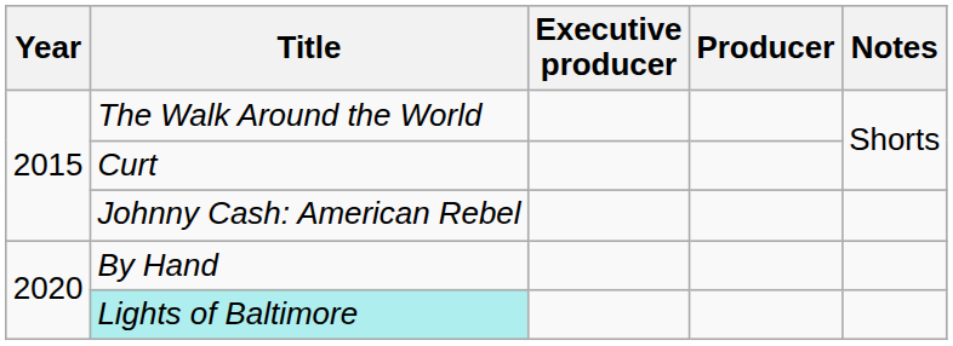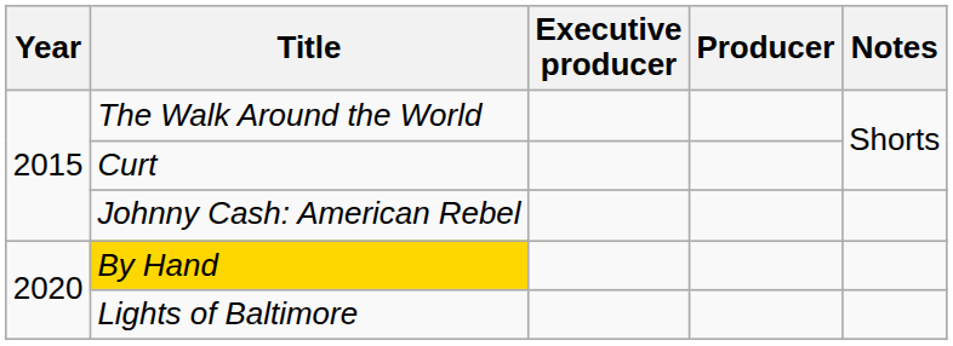 <table class="wikitable sortable">
 <tr>
 <th>Year</th>
 <th>Title</th>
 <th>Executive<br>producer</th>
 <th>Producer</th>
 <th>Notes</th>
 </tr>
 <tr>
 <td rowspan="3">2015</td>
 <td><em>The Walk Around the World</em></td>
 <td></td>
 <td></td>
 <td rowspan="2">Shorts</td>
 </tr>
 <tr>
 <td><em>Curt</em></td>
 <td></td>
 <td></td>
 </tr>
 <tr>
 <td><em>Johnny Cash: American Rebel</em></td>
 <td></td>
 <td></td>
 <td></td>
 </tr>
 <tr>
 <td rowspan="2">2020</td>
-<td><em>By Hand</em></td>
+<td style="background: gold;"><em>By Hand</em></td>
 <td></td>
 <td></td>
 <td></td>
 </tr>
 <tr>
-<td style="background: paleturquoise;"><em>Lights of Baltimore</em></td>
+<td><em>Lights of Baltimore</em></td>
 <td></td>
 <td></td>
 <td></td>
 </tr>
 </table>
